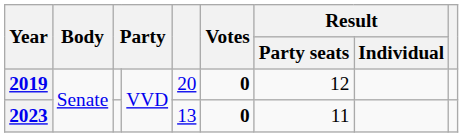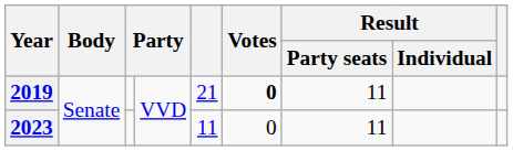 <table class="wikitable plainrowheaders sortable" border=2 cellpadding=4 cellspacing=0 style="border: 1px #aaa solid; font-size: 90%; text-align:center;">
 <tr>
 <th scope="col" rowspan=2>Year</th>
 <th scope="col" rowspan=2>Body</th>
 <th scope="col" colspan=2 rowspan=2>Party</th>
 <th scope="col" rowspan=2></th>
 <th scope="col" rowspan=2>Votes</th>
 <th scope="colgroup" colspan=2>Result</th>
 <th scope="col" rowspan=2 class="unsortable"></th>
 </tr>
 <tr>
 <th scope="col">Party seats</th>
 <th scope="col">Individual</th>
 </tr>
 <tr>
 <th scope="row"><a href='#'>2019</a></th>
 <td rowspan=2><a href='#'>Senate</a></td>
 <td style="background-color:"></td>
 <td rowspan=2><a href='#'>VVD</a></td>
-<td style=text-align:right><a href='#'>20</a></td>
+<td style=text-align:right><a href='#'>21</a></td>
 <td style=text-align:right><strong>0</strong></td>
-<td style=text-align:right>12</td>
+<td style=text-align:right>11</td>
 <td></td>
 <td></td>
 </tr>
 <tr>
 <th scope="row"><a href='#'>2023</a></th>
 <td style="background-color:"></td>
-<td style=text-align:right><a href='#'>13</a></td>
-<td style=text-align:right><strong>0</strong></td>
+<td style=text-align:right><a href='#'>11</a></td>
+<td style=text-align:right>0</td>
 <td style=text-align:right>11</td>
 <td></td>
 <td></td>
 </tr>
 </table>
